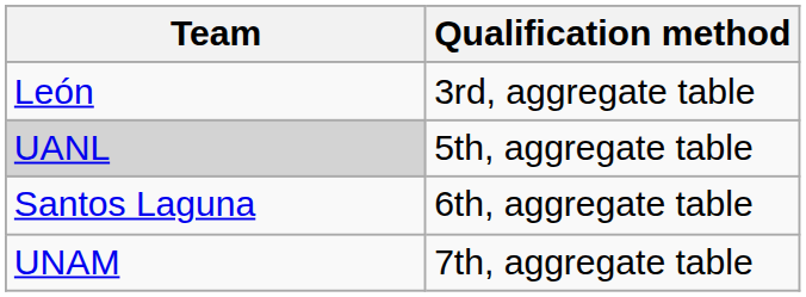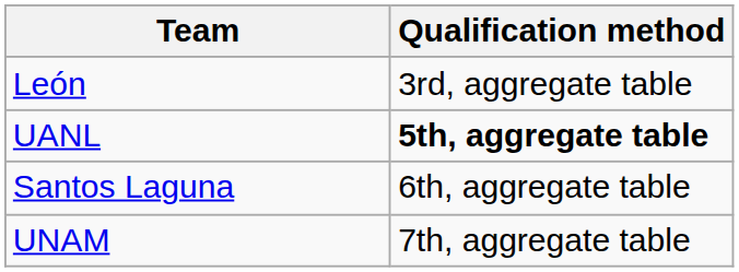 <table class="wikitable">
 <tr>
 <th width=180px>Team</th>
 <th>Qualification method</th>
 </tr>
 <tr>
 <td><a href='#'>León</a></td>
 <td>3rd, aggregate table</td>
 </tr>
 <tr>
-<td style="background: lightgrey;"><a href='#'>UANL</a></td>
-<td>5th, aggregate table</td>
+<td><a href='#'>UANL</a></td>
+<td><strong>5th, aggregate table</strong></td>
 </tr>
 <tr>
 <td><a href='#'>Santos Laguna</a></td>
 <td>6th, aggregate table</td>
 </tr>
 <tr>
 <td><a href='#'>UNAM</a></td>
 <td>7th, aggregate table</td>
 </tr>
 </table>
